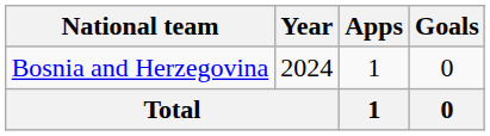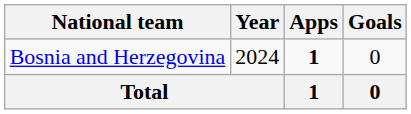 <table class="wikitable" style="text-align:center">
 <tr>
 <th>National team</th>
 <th>Year</th>
 <th>Apps</th>
 <th>Goals</th>
 </tr>
 <tr>
 <td><a href='#'>Bosnia and Herzegovina</a></td>
 <td>2024</td>
-<td>1</td>
+<td><strong>1</strong></td>
 <td>0</td>
 </tr>
 <tr>
 <th colspan="2">Total</th>
 <th>1</th>
 <th>0</th>
 </tr>
 </table>
